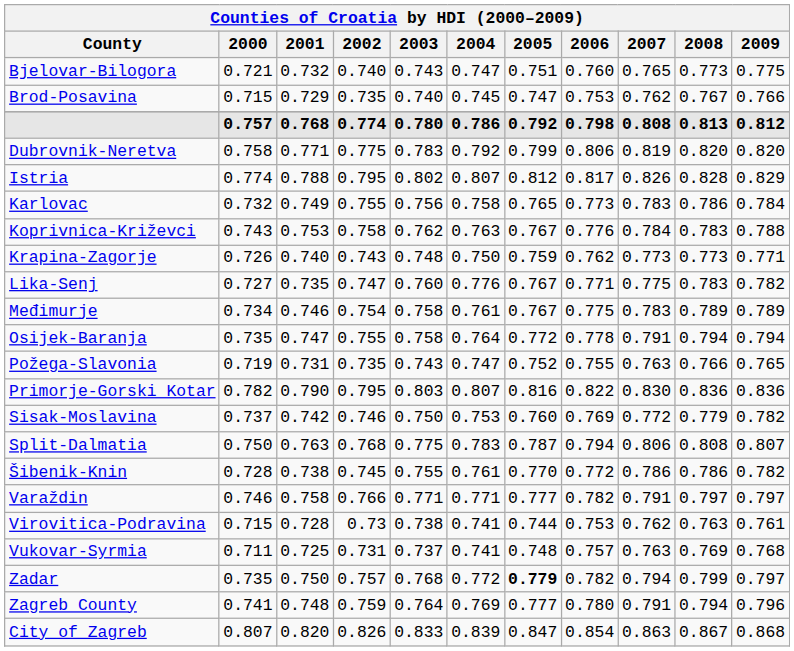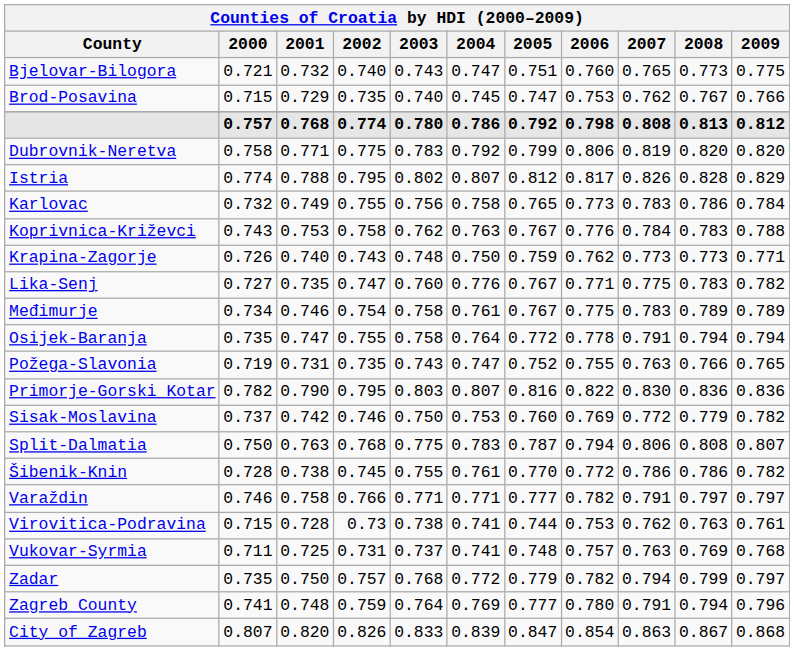 <table class="wikitable sortable" style="margin: 1em auto 1em auto;">
 <tr>
 <th colspan=20><a href='#'>Counties of Croatia</a> by HDI (2000–2009)</th>
 </tr>
 <tr>
 <th data-sort-type="text">County</th>
 <th data-sort-type="number">2000</th>
 <th data-sort-type="number">2001</th>
 <th data-sort-type="number">2002</th>
 <th data-sort-type="number">2003</th>
 <th data-sort-type="number">2004</th>
 <th data-sort-type="number">2005</th>
 <th data-sort-type="number">2006</th>
 <th data-sort-type="number">2007</th>
 <th data-sort-type="number">2008</th>
 <th data-sort-type="number">2009</th>
 </tr>
 <tr>
 <td align="left"> <a href='#'>Bjelovar-Bilogora</a></td>
 <td align=right>0.721</td>
 <td align=right>0.732</td>
 <td align=right>0.740</td>
 <td align=right>0.743</td>
 <td align=right>0.747</td>
 <td align=right>0.751</td>
 <td align=right>0.760</td>
 <td align=right>0.765</td>
 <td align=right>0.773</td>
 <td align=right>0.775</td>
 </tr>
 <tr>
 <td align="left"> <a href='#'>Brod-Posavina</a></td>
 <td align=right>0.715</td>
 <td align=right>0.729</td>
 <td align=right>0.735</td>
 <td align=right>0.740</td>
 <td align=right>0.745</td>
 <td align=right>0.747</td>
 <td align=right>0.753</td>
 <td align=right>0.762</td>
 <td align=right>0.767</td>
 <td align=right>0.766</td>
 </tr>
 <tr>
 </tr>
 <tr style="background:#e6e6e6">
 <td align="left"><strong></strong></td>
 <td align=right><strong>0.757</strong></td>
 <td align=right><strong>0.768</strong></td>
 <td align=right><strong>0.774</strong></td>
 <td align=right><strong>0.780</strong></td>
 <td align=right><strong>0.786</strong></td>
 <td align=right><strong>0.792</strong></td>
 <td align=right><strong>0.798</strong></td>
 <td align=right><strong>0.808</strong></td>
 <td align=right><strong>0.813</strong></td>
 <td align=right><strong>0.812</strong></td>
 </tr>
 <tr>
 <td align="left"> <a href='#'>Dubrovnik-Neretva</a></td>
 <td align=right>0.758</td>
 <td align=right>0.771</td>
 <td align=right>0.775</td>
 <td align=right>0.783</td>
 <td align=right>0.792</td>
 <td align=right>0.799</td>
 <td align=right>0.806</td>
 <td align=right>0.819</td>
 <td align=right>0.820</td>
 <td align=right>0.820</td>
 </tr>
 <tr>
 <td align="left"> <a href='#'>Istria</a></td>
 <td align=right>0.774</td>
 <td align=right>0.788</td>
 <td align=right>0.795</td>
 <td align=right>0.802</td>
 <td align=right>0.807</td>
 <td align=right>0.812</td>
 <td align=right>0.817</td>
 <td align=right>0.826</td>
 <td align=right>0.828</td>
 <td align=right>0.829</td>
 </tr>
 <tr>
 <td align="left"> <a href='#'>Karlovac</a></td>
 <td align=right>0.732</td>
 <td align=right>0.749</td>
 <td align=right>0.755</td>
 <td align=right>0.756</td>
 <td align=right>0.758</td>
 <td align=right>0.765</td>
 <td align=right>0.773</td>
 <td align=right>0.783</td>
 <td align=right>0.786</td>
 <td align=right>0.784</td>
 </tr>
 <tr>
 <td align="left"> <a href='#'>Koprivnica-Križevci</a></td>
 <td align=right>0.743</td>
 <td align=right>0.753</td>
 <td align=right>0.758</td>
 <td align=right>0.762</td>
 <td align=right>0.763</td>
 <td align=right>0.767</td>
 <td align=right>0.776</td>
 <td align=right>0.784</td>
 <td align=right>0.783</td>
 <td align=right>0.788</td>
 </tr>
 <tr>
 <td align="left"> <a href='#'>Krapina-Zagorje</a></td>
 <td align=right>0.726</td>
 <td align=right>0.740</td>
 <td align=right>0.743</td>
 <td align=right>0.748</td>
 <td align=right>0.750</td>
 <td align=right>0.759</td>
 <td align=right>0.762</td>
 <td align=right>0.773</td>
 <td align=right>0.773</td>
 <td align=right>0.771</td>
 </tr>
 <tr>
 <td align="left"> <a href='#'>Lika-Senj</a></td>
 <td align=right>0.727</td>
 <td align=right>0.735</td>
 <td align=right>0.747</td>
 <td align=right>0.760</td>
 <td align=right>0.776</td>
 <td align=right>0.767</td>
 <td align=right>0.771</td>
 <td align=right>0.775</td>
 <td align=right>0.783</td>
 <td align=right>0.782</td>
 </tr>
 <tr>
 <td align="left"> <a href='#'>Međimurje</a></td>
 <td align=right>0.734</td>
 <td align=right>0.746</td>
 <td align=right>0.754</td>
 <td align=right>0.758</td>
 <td align=right>0.761</td>
 <td align=right>0.767</td>
 <td align=right>0.775</td>
 <td align=right>0.783</td>
 <td align=right>0.789</td>
 <td align=right>0.789</td>
 </tr>
 <tr>
 <td align="left"> <a href='#'>Osijek-Baranja</a></td>
 <td align=right>0.735</td>
 <td align=right>0.747</td>
 <td align=right>0.755</td>
 <td align=right>0.758</td>
 <td align=right>0.764</td>
 <td align=right>0.772</td>
 <td align=right>0.778</td>
 <td align=right>0.791</td>
 <td align=right>0.794</td>
 <td align=right>0.794</td>
 </tr>
 <tr>
 <td align="left"> <a href='#'>Požega-Slavonia</a></td>
 <td align=right>0.719</td>
 <td align=right>0.731</td>
 <td align=right>0.735</td>
 <td align=right>0.743</td>
 <td align=right>0.747</td>
 <td align=right>0.752</td>
 <td align=right>0.755</td>
 <td align=right>0.763</td>
 <td align=right>0.766</td>
 <td align=right>0.765</td>
 </tr>
 <tr>
 <td align="left"> <a href='#'>Primorje-Gorski Kotar</a></td>
 <td align=right>0.782</td>
 <td align=right>0.790</td>
 <td align=right>0.795</td>
 <td align=right>0.803</td>
 <td align=right>0.807</td>
 <td align=right>0.816</td>
 <td align=right>0.822</td>
 <td align=right>0.830</td>
 <td align=right>0.836</td>
 <td align=right>0.836</td>
 </tr>
 <tr>
 <td align="left"> <a href='#'>Sisak-Moslavina</a></td>
 <td align=right>0.737</td>
 <td align=right>0.742</td>
 <td align=right>0.746</td>
 <td align=right>0.750</td>
 <td align=right>0.753</td>
 <td align=right>0.760</td>
 <td align=right>0.769</td>
 <td align=right>0.772</td>
 <td align=right>0.779</td>
 <td align=right>0.782</td>
 </tr>
 <tr>
 <td align="left"> <a href='#'>Split-Dalmatia</a></td>
 <td align=right>0.750</td>
 <td align=right>0.763</td>
 <td align=right>0.768</td>
 <td align=right>0.775</td>
 <td align=right>0.783</td>
 <td align=right>0.787</td>
 <td align=right>0.794</td>
 <td align=right>0.806</td>
 <td align=right>0.808</td>
 <td align=right>0.807</td>
 </tr>
 <tr>
 <td align="left"> <a href='#'>Šibenik-Knin</a></td>
 <td align=right>0.728</td>
 <td align=right>0.738</td>
 <td align=right>0.745</td>
 <td align=right>0.755</td>
 <td align=right>0.761</td>
 <td align=right>0.770</td>
 <td align=right>0.772</td>
 <td align=right>0.786</td>
 <td align=right>0.786</td>
 <td align=right>0.782</td>
 </tr>
 <tr>
 <td align="left"> <a href='#'>Varaždin</a></td>
 <td align=right>0.746</td>
 <td align=right>0.758</td>
 <td align=right>0.766</td>
 <td align=right>0.771</td>
 <td align=right>0.771</td>
 <td align=right>0.777</td>
 <td align=right>0.782</td>
 <td align=right>0.791</td>
 <td align=right>0.797</td>
 <td align=right>0.797</td>
 </tr>
 <tr>
 <td align="left"> <a href='#'>Virovitica-Podravina</a></td>
 <td align=right>0.715</td>
 <td align=right>0.728</td>
 <td align=right>0.73</td>
 <td align=right>0.738</td>
 <td align=right>0.741</td>
 <td align=right>0.744</td>
 <td align=right>0.753</td>
 <td align=right>0.762</td>
 <td align=right>0.763</td>
 <td align=right>0.761</td>
 </tr>
 <tr>
 <td align="left"> <a href='#'>Vukovar-Syrmia</a></td>
 <td align=right>0.711</td>
 <td align=right>0.725</td>
 <td align=right>0.731</td>
 <td align=right>0.737</td>
 <td align=right>0.741</td>
 <td align=right>0.748</td>
 <td align=right>0.757</td>
 <td align=right>0.763</td>
 <td align=right>0.769</td>
 <td align=right>0.768</td>
 </tr>
 <tr>
 <td align="left"> <a href='#'>Zadar</a></td>
 <td align=right>0.735</td>
 <td align=right>0.750</td>
 <td align=right>0.757</td>
 <td align=right>0.768</td>
 <td align=right>0.772</td>
-<td align=right><strong>0.779</strong></td>
+<td align=right>0.779</td>
 <td align=right>0.782</td>
 <td align=right>0.794</td>
 <td align=right>0.799</td>
 <td align=right>0.797</td>
 </tr>
 <tr>
 <td align="left"> <a href='#'>Zagreb County</a></td>
 <td align=right>0.741</td>
 <td align=right>0.748</td>
 <td align=right>0.759</td>
 <td align=right>0.764</td>
 <td align=right>0.769</td>
 <td align=right>0.777</td>
 <td align=right>0.780</td>
 <td align=right>0.791</td>
 <td align=right>0.794</td>
 <td align=right>0.796</td>
 </tr>
 <tr>
 <td align="left"> <a href='#'>City of Zagreb</a></td>
 <td align=right>0.807</td>
 <td align=right>0.820</td>
 <td align=right>0.826</td>
 <td align=right>0.833</td>
 <td align=right>0.839</td>
 <td align=right>0.847</td>
 <td align=right>0.854</td>
 <td align=right>0.863</td>
 <td align=right>0.867</td>
 <td align=right>0.868</td>
 </tr>
 </table>
